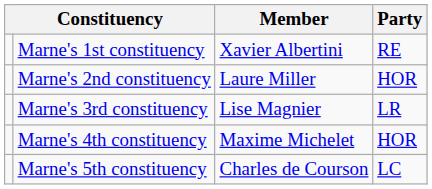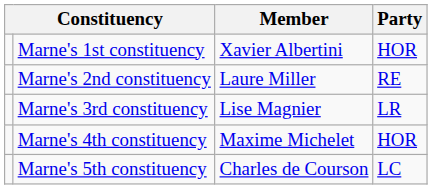 <table class="wikitable">
 <tr>
 <th colspan="2">Constituency</th>
 <th>Member</th>
 <th>Party</th>
 </tr>
 <tr>
 <td style="background-color: "></td>
 <td><a href='#'>Marne's 1st constituency</a></td>
 <td><a href='#'>Xavier Albertini</a></td>
-<td><a href='#'>RE</a></td>
+<td><a href='#'>HOR</a></td>
 </tr>
 <tr>
 <td style="background-color: "></td>
 <td><a href='#'>Marne's 2nd constituency</a></td>
 <td><a href='#'>Laure Miller</a></td>
-<td><a href='#'>HOR</a></td>
+<td><a href='#'>RE</a></td>
 </tr>
 <tr>
 <td style="background-color: "></td>
 <td><a href='#'>Marne's 3rd constituency</a></td>
 <td><a href='#'>Lise Magnier</a></td>
 <td><a href='#'>LR</a></td>
 </tr>
 <tr>
 <td style="background-color: "></td>
 <td><a href='#'>Marne's 4th constituency</a></td>
 <td><a href='#'>Maxime Michelet</a></td>
 <td><a href='#'>HOR</a></td>
 </tr>
 <tr>
 <td style="background-color: "></td>
 <td><a href='#'>Marne's 5th constituency</a></td>
 <td><a href='#'>Charles de Courson</a></td>
 <td><a href='#'>LC</a></td>
 </tr>
 </table>
